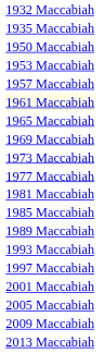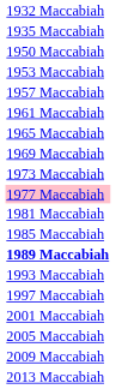 <table>
 <tr valign="top">
 <td><a href='#'>1932 Maccabiah</a></td>
 <td></td>
 <td></td>
 <td></td>
 </tr>
 <tr>
 <td><a href='#'>1935 Maccabiah</a></td>
 <td></td>
 <td></td>
 <td></td>
 </tr>
 <tr>
 <td><a href='#'>1950 Maccabiah</a></td>
 <td></td>
 <td></td>
 <td></td>
 </tr>
 <tr>
 <td><a href='#'>1953 Maccabiah</a></td>
 <td></td>
 <td></td>
 <td></td>
 </tr>
 <tr>
 <td><a href='#'>1957 Maccabiah</a></td>
 <td></td>
 <td></td>
 <td></td>
 </tr>
 <tr>
-<td style="background: lightyellow;"><a href='#'>1961 Maccabiah</a></td>
+<td><a href='#'>1961 Maccabiah</a></td>
 <td></td>
 <td></td>
 <td></td>
 </tr>
 <tr>
 <td><a href='#'>1965 Maccabiah</a></td>
 <td></td>
 <td></td>
 <td></td>
 </tr>
 <tr>
 <td><a href='#'>1969 Maccabiah</a></td>
 <td></td>
 <td></td>
 <td></td>
 </tr>
 <tr>
 <td><a href='#'>1973 Maccabiah</a></td>
 <td></td>
 <td></td>
 <td></td>
 </tr>
 <tr>
-<td><a href='#'>1977 Maccabiah</a></td>
+<td style="background: pink;"><a href='#'>1977 Maccabiah</a></td>
 <td></td>
 <td></td>
 <td></td>
 </tr>
 <tr>
 <td><a href='#'>1981 Maccabiah</a></td>
 <td></td>
 <td></td>
 <td></td>
 </tr>
 <tr>
 <td><a href='#'>1985 Maccabiah</a></td>
 <td></td>
 <td></td>
 <td></td>
 </tr>
 <tr>
-<td><a href='#'>1989 Maccabiah</a></td>
+<td><strong><a href='#'>1989 Maccabiah</a></strong></td>
 <td></td>
 <td></td>
 <td></td>
 </tr>
 <tr>
 <td><a href='#'>1993 Maccabiah</a></td>
 <td></td>
 <td></td>
 <td></td>
 </tr>
 <tr>
 <td><a href='#'>1997 Maccabiah</a></td>
 <td></td>
 <td></td>
 <td></td>
 </tr>
 <tr>
 <td><a href='#'>2001 Maccabiah</a></td>
 <td></td>
 <td></td>
 <td></td>
 </tr>
 <tr>
 <td><a href='#'>2005 Maccabiah</a></td>
 <td></td>
 <td></td>
 <td></td>
 </tr>
 <tr>
 <td><a href='#'>2009 Maccabiah</a></td>
 <td></td>
 <td></td>
 <td></td>
 </tr>
 <tr>
 <td><a href='#'>2013 Maccabiah</a></td>
 <td></td>
 <td></td>
 <td></td>
 </tr>
 </table>
